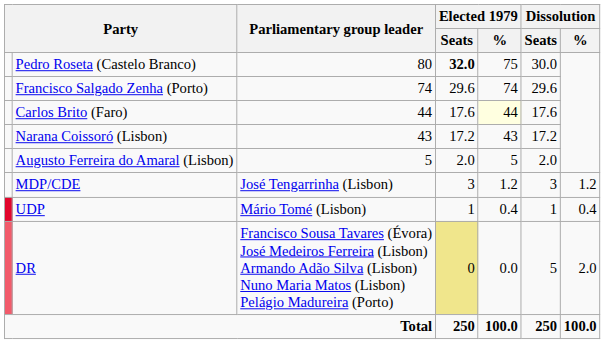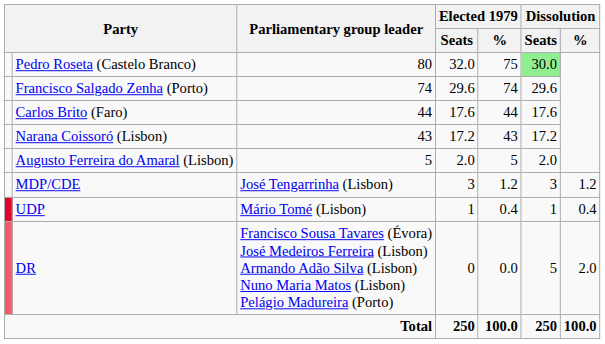 <table class="wikitable" style="text-align:right; font-size:95%;">
 <tr>
 <th colspan="2" rowspan="2">Party</th>
 <th rowspan="2">Parliamentary group leader</th>
 <th colspan="2">Elected 1979</th>
 <th colspan="2">Dissolution</th>
 </tr>
 <tr>
 <th>Seats</th>
 <th>%</th>
 <th>Seats</th>
 <th>%</th>
 </tr>
 <tr>
 <td></td>
 <td align="left"><a href='#'>Pedro Roseta</a> (Castelo Branco)</td>
 <td>80</td>
-<td><strong>32.0</strong></td>
+<td>32.0</td>
 <td>75</td>
-<td>30.0</td>
+<td style="background: lightgreen;">30.0</td>
 </tr>
 <tr>
 <td></td>
 <td align="left"><a href='#'>Francisco Salgado Zenha</a> (Porto)</td>
 <td>74</td>
 <td>29.6</td>
 <td>74</td>
 <td>29.6</td>
 </tr>
 <tr>
 <td></td>
 <td align="left"><a href='#'>Carlos Brito</a> (Faro)</td>
 <td>44</td>
 <td>17.6</td>
-<td style="background: lightyellow;">44</td>
+<td>44</td>
 <td>17.6</td>
 </tr>
 <tr>
 <td></td>
 <td align="left"><a href='#'>Narana Coissoró</a> (Lisbon)</td>
 <td>43</td>
 <td>17.2</td>
 <td>43</td>
 <td>17.2</td>
 </tr>
 <tr>
 <td></td>
 <td align="left"><a href='#'>Augusto Ferreira do Amaral</a> (Lisbon)</td>
 <td>5</td>
 <td>2.0</td>
 <td>5</td>
 <td>2.0</td>
 </tr>
 <tr>
 <td style="width:1px; background:"></td>
 <td style="text-align:left;"><a href='#'>MDP/CDE</a></td>
 <td align="left"><a href='#'>José Tengarrinha</a> (Lisbon)</td>
 <td>3</td>
 <td>1.2</td>
 <td>3</td>
 <td>1.2</td>
 </tr>
 <tr>
 <td style="background:#E2062C;"></td>
 <td style="text-align:left;"><a href='#'>UDP</a></td>
 <td align="left"><a href='#'>Mário Tomé</a> (Lisbon)</td>
 <td>1</td>
 <td>0.4</td>
 <td>1</td>
 <td>0.4</td>
 </tr>
 <tr>
 <td style="width:1px; background:#f25b6b; text-align:center;"></td>
 <td style="text-align:left;"><a href='#'>DR</a></td>
 <td align="left"><a href='#'>Francisco Sousa Tavares</a> (Évora)<br><a href='#'>José Medeiros Ferreira</a> (Lisbon)<br><a href='#'>Armando Adão Silva</a> (Lisbon)<br><a href='#'>Nuno Maria Matos</a> (Lisbon)<br><a href='#'>Pelágio Madureira</a> (Porto)</td>
-<td style="background: khaki;">0</td>
+<td>0</td>
 <td>0.0</td>
 <td>5</td>
 <td>2.0</td>
 </tr>
 <tr>
 <td colspan="3"> <strong>Total</strong></td>
 <td><strong>250</strong></td>
 <td><strong>100.0</strong></td>
 <td><strong>250</strong></td>
 <td><strong>100.0</strong></td>
 </tr>
 </table>
